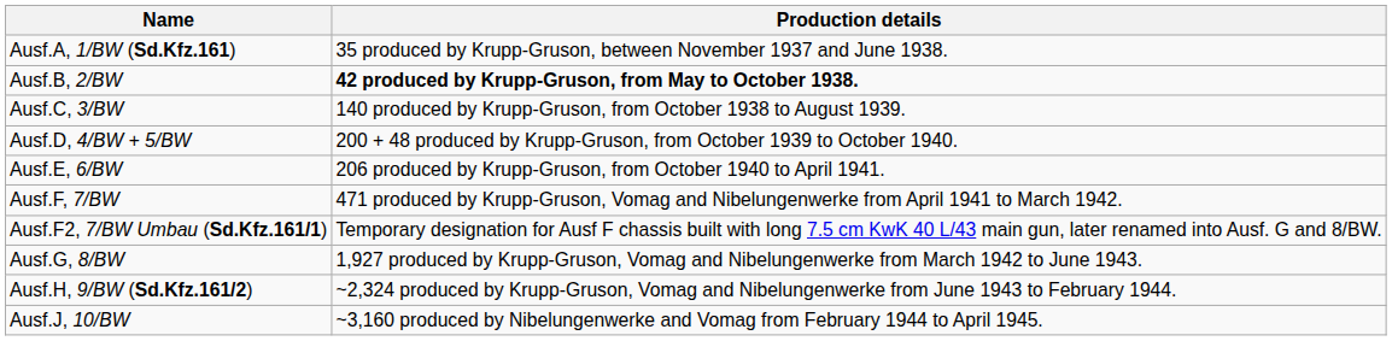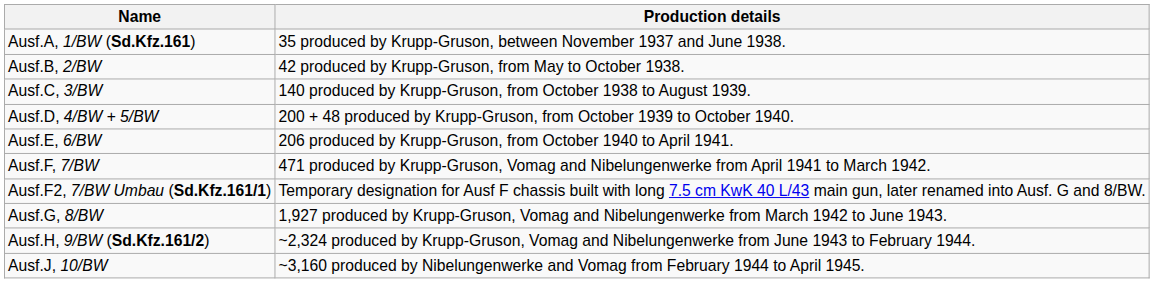 <table class="wikitable">
 <tr>
 <th>Name</th>
 <th>Production details</th>
 </tr>
 <tr>
 <td>Ausf.A, <em>1/BW</em> (<strong>Sd.Kfz.161</strong>)</td>
 <td>35 produced by Krupp-Gruson, between November 1937 and June 1938.</td>
 </tr>
 <tr>
 <td>Ausf.B, <em>2/BW</em></td>
-<td><strong>42 produced by Krupp-Gruson, from May to October 1938.</strong></td>
+<td>42 produced by Krupp-Gruson, from May to October 1938.</td>
 </tr>
 <tr>
 <td>Ausf.C, <em>3/BW</em></td>
 <td>140 produced by Krupp-Gruson, from October 1938 to August 1939.</td>
 </tr>
 <tr>
 <td>Ausf.D, <em>4/BW + 5/BW</em></td>
 <td>200 + 48 produced by Krupp-Gruson, from October 1939 to October 1940.</td>
 </tr>
 <tr>
 <td>Ausf.E, <em>6/BW</em></td>
 <td>206 produced by Krupp-Gruson, from October 1940 to April 1941.</td>
 </tr>
 <tr>
 <td>Ausf.F, <em>7/BW</em></td>
 <td>471 produced by Krupp-Gruson, Vomag and Nibelungenwerke from April 1941 to March 1942.</td>
 </tr>
 <tr>
 <td>Ausf.F2, <em>7/BW Umbau</em> (<strong>Sd.Kfz.161/1</strong>)</td>
 <td>Temporary designation for Ausf F chassis built with long <a href='#'>7.5 cm KwK 40 L/43</a> main gun, later renamed into Ausf. G and 8/BW.</td>
 </tr>
 <tr>
 <td>Ausf.G, <em>8/BW</em></td>
 <td>1,927 produced by Krupp-Gruson, Vomag and Nibelungenwerke from March 1942 to June 1943.</td>
 </tr>
 <tr>
 <td>Ausf.H, <em>9/BW</em> (<strong>Sd.Kfz.161/2</strong>)</td>
 <td>~2,324 produced by Krupp-Gruson, Vomag and Nibelungenwerke from June 1943 to February 1944.</td>
 </tr>
 <tr>
 <td>Ausf.J, <em>10/BW</em></td>
 <td>~3,160 produced by Nibelungenwerke and Vomag from February 1944 to April 1945.</td>
 </tr>
 </table>
